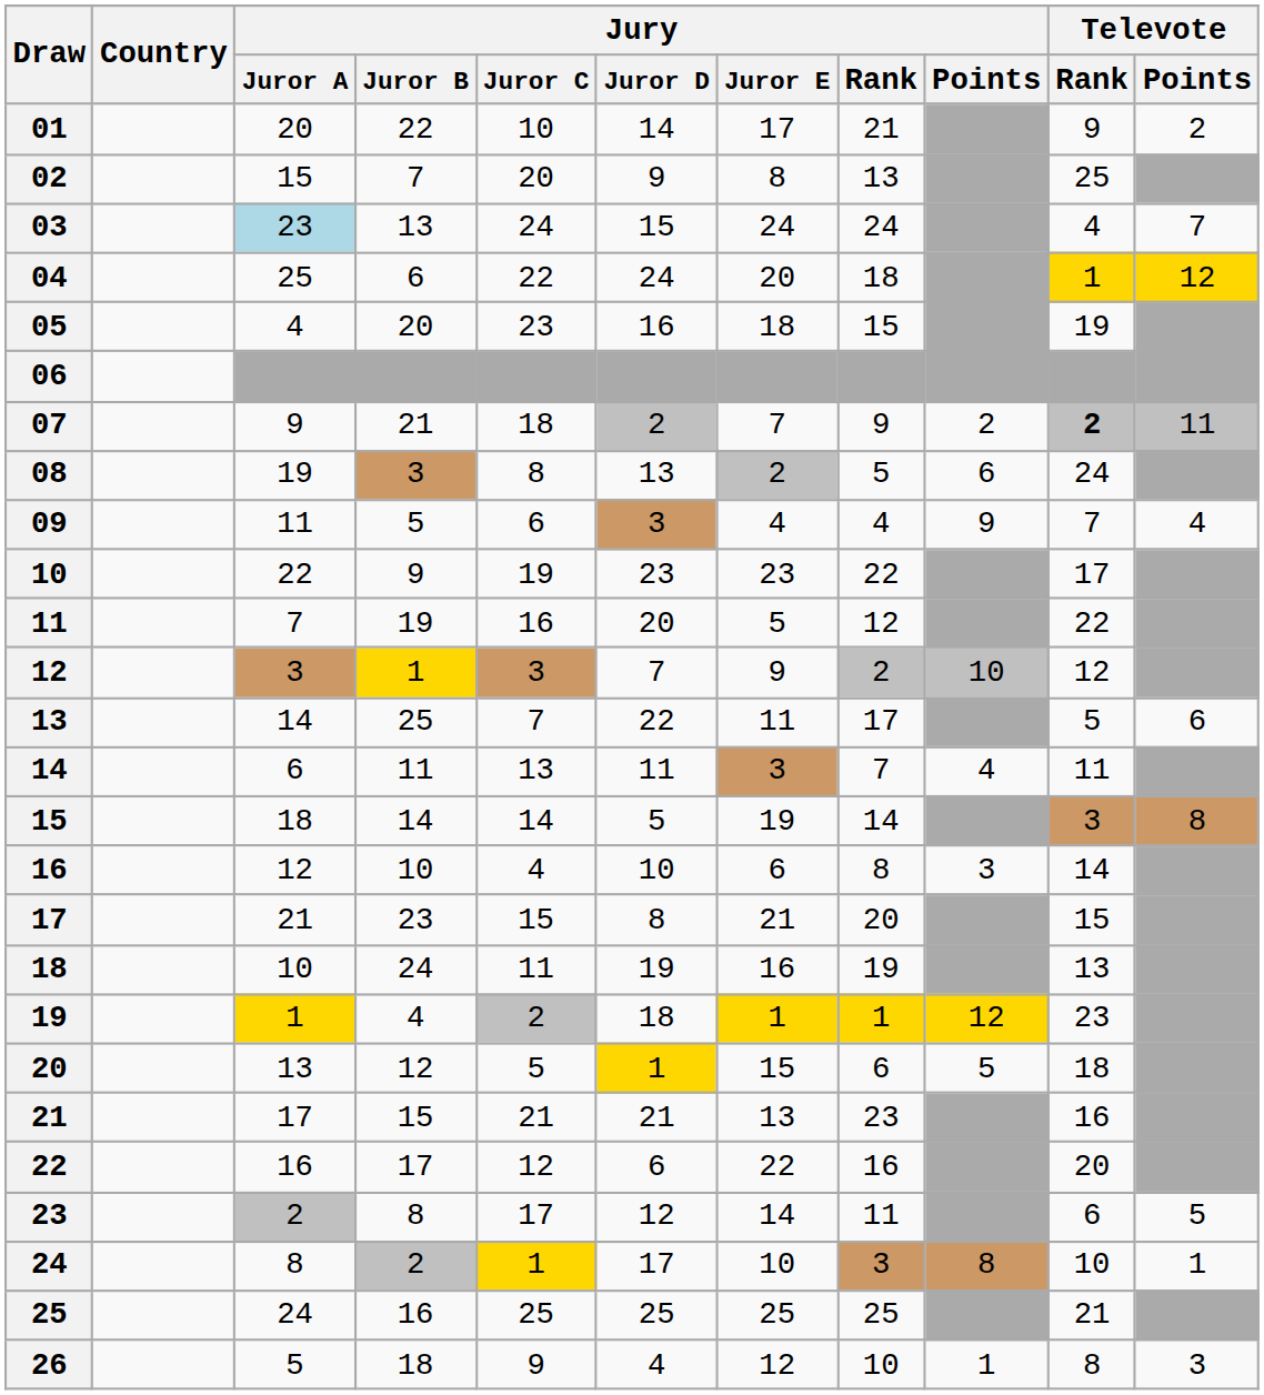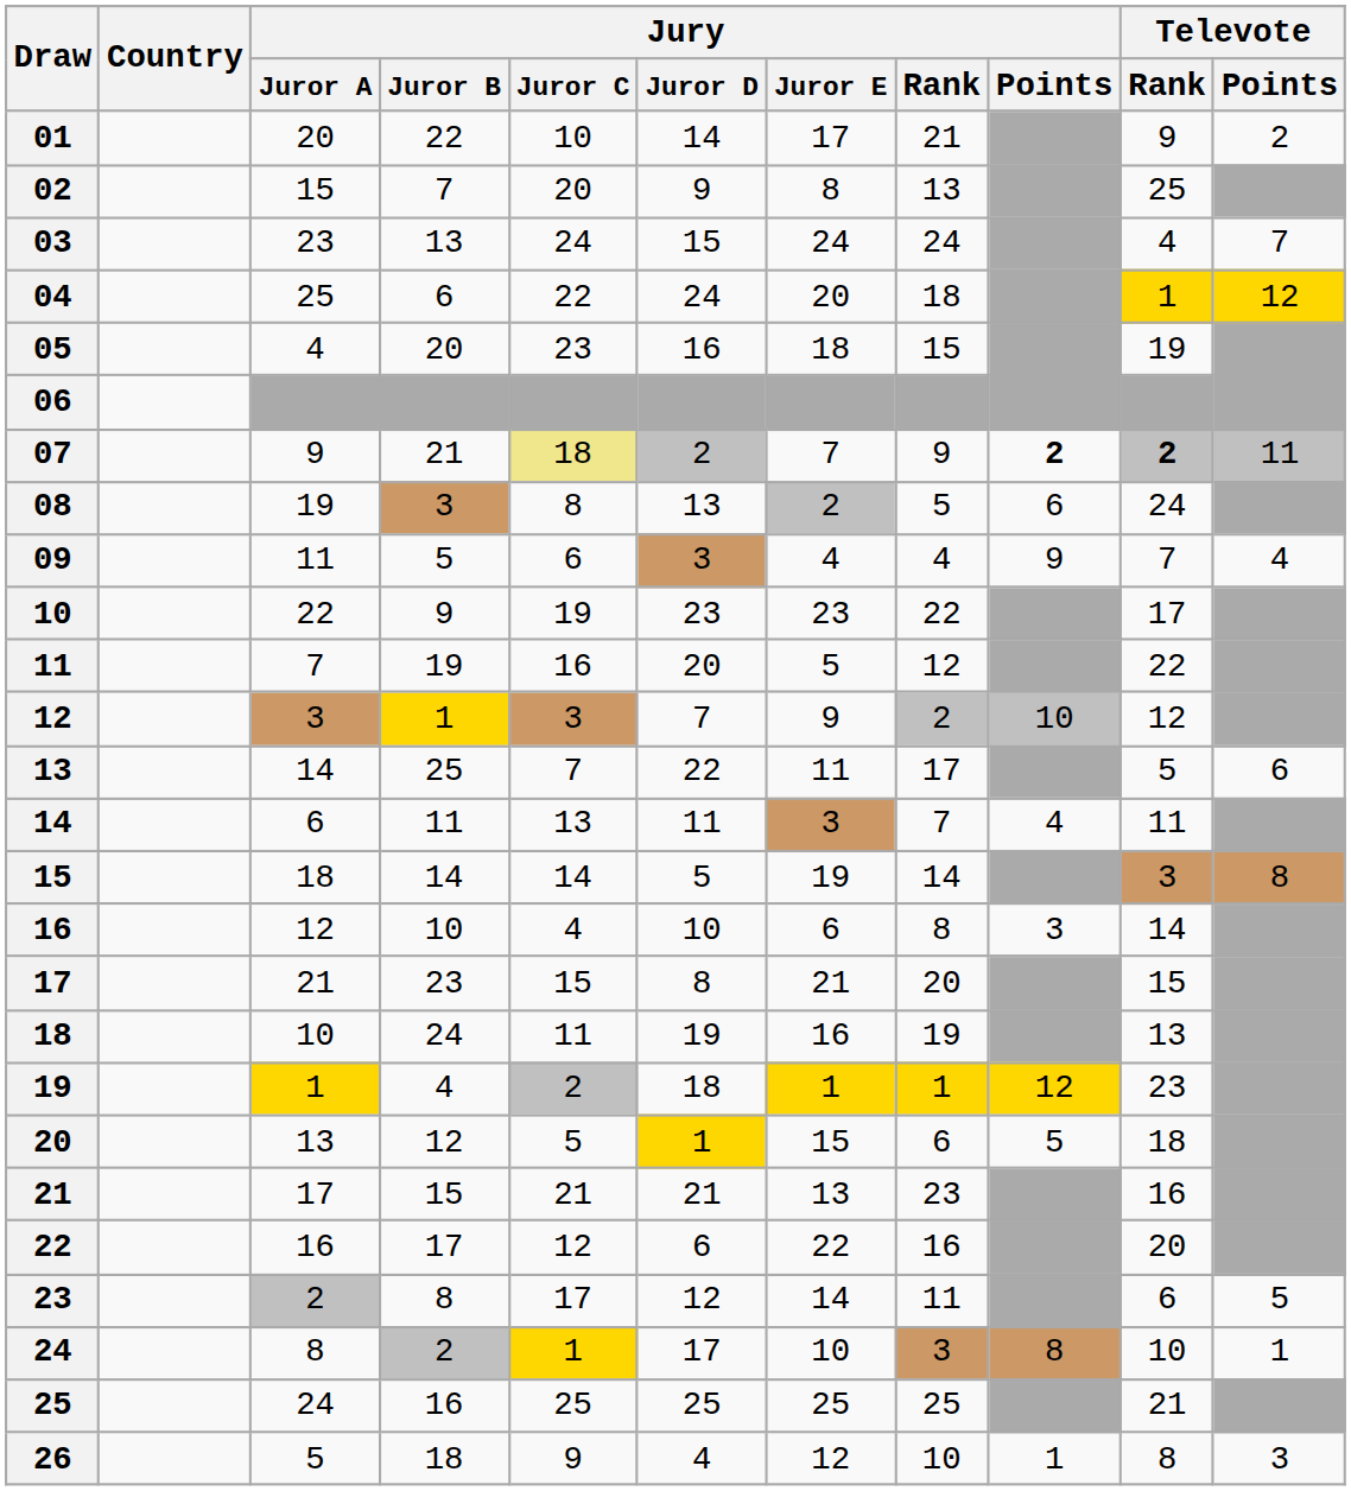 <table class="sortable wikitable collapsible plainrowheaders" style="text-align:center;">
 <tr>
 </tr>
 <tr>
 <th scope="col" rowspan="2">Draw</th>
 <th scope="col" rowspan="2">Country</th>
 <th scope="col" colspan="7">Jury</th>
 <th scope="col" colspan="2">Televote</th>
 </tr>
 <tr>
 <th scope="col"><small>Juror A</small></th>
 <th scope="col"><small>Juror B</small></th>
 <th scope="col"><small>Juror C</small></th>
 <th scope="col"><small>Juror D</small></th>
 <th scope="col"><small>Juror E</small></th>
 <th scope="col">Rank</th>
 <th scope="col" class="unsortable">Points</th>
 <th scope="col">Rank</th>
 <th scope="col" class="unsortable">Points</th>
 </tr>
 <tr>
 <th scope="row" style="text-align:center;">01</th>
 <td style="text-align:left;"></td>
 <td align="center">20</td>
 <td>22</td>
 <td align="center">10</td>
 <td>14</td>
 <td align="center">17</td>
 <td>21</td>
 <td align="center" style="background:#AAAAAA;"></td>
 <td>9</td>
 <td>2</td>
 </tr>
 <tr>
 <th scope="row" style="text-align:center;">02</th>
 <td style="text-align:left;"></td>
 <td align="center">15</td>
 <td align="center">7</td>
 <td align="center">20</td>
 <td align="center">9</td>
 <td align="center">8</td>
 <td>13</td>
 <td style="background:#AAAAAA;"></td>
 <td>25</td>
 <td align="center" style="background:#AAAAAA;"></td>
 </tr>
 <tr>
 <th scope="row" style="text-align:center;">03</th>
 <td style="text-align:left;"></td>
-<td style="background: lightblue;">23</td>
+<td>23</td>
 <td align="center">13</td>
 <td align="center">24</td>
 <td align="center">15</td>
 <td>24</td>
 <td>24</td>
 <td align="center" style="background:#AAAAAA;"></td>
 <td>4</td>
 <td>7</td>
 </tr>
 <tr>
 <th scope="row" style="text-align:center;">04</th>
 <td style="text-align:left;"></td>
 <td align="center">25</td>
 <td align="center">6</td>
 <td align="center">22</td>
 <td align="center">24</td>
 <td align="center">20</td>
 <td>18</td>
 <td style="background:#AAAAAA;"></td>
 <td align="center" style="background:gold;">1</td>
 <td style="background:gold;">12</td>
 </tr>
 <tr>
 <th scope="row" style="text-align:center">05</th>
 <td style="text-align:left;"></td>
 <td align="center">4</td>
 <td align="center">20</td>
 <td align="center">23</td>
 <td align="center">16</td>
 <td align="center">18</td>
 <td>15</td>
 <td style="background:#AAAAAA;"></td>
 <td>19</td>
 <td style="background:#AAAAAA;"></td>
 </tr>
 <tr class=sortbottom>
 <th scope="row" style="text-align:center;">06</th>
 <td style="text-align:left;"></td>
 <td align="center" style="background:#AAAAAA;"></td>
 <td align="center" style="background:#AAAAAA;"></td>
 <td align="center" style="background:#AAAAAA;"></td>
 <td align="center" style="background:#AAAAAA;"></td>
 <td align="center" style="background:#AAAAAA;"></td>
 <td align="center" style="background:#AAAAAA;"></td>
 <td style="background:#AAAAAA;"></td>
 <td align="center" style="background:#AAAAAA;"></td>
 <td align="center" style="background:#AAAAAA;"></td>
 </tr>
 <tr>
 <th scope="row" style="text-align:center;">07</th>
 <td style="text-align:left;"></td>
 <td align="center">9</td>
 <td align="center">21</td>
-<td align="center">18</td>
+<td align="center" style="background: khaki;">18</td>
 <td align="center" style="background:silver;">2</td>
 <td align="center">7</td>
 <td>9</td>
-<td>2</td>
+<td><strong>2</strong></td>
 <td align="center" style="background:silver;"><strong>2</strong></td>
 <td align="center" style="background:silver;">11</td>
 </tr>
 <tr>
 <th scope="row" style="text-align:center;">08</th>
 <td style="text-align:left;"></td>
 <td>19</td>
 <td align="center" style="background:#cc9966;">3</td>
 <td>8</td>
 <td>13</td>
 <td align="center" style="background:silver;">2</td>
 <td>5</td>
 <td>6</td>
 <td>24</td>
 <td style="background:#AAAAAA;"></td>
 </tr>
 <tr>
 <th scope="row" style="text-align:center;">09</th>
 <td style="text-align:left;"></td>
 <td>11</td>
 <td>5</td>
 <td>6</td>
 <td align="center" style="background:#cc9966;">3</td>
 <td>4</td>
 <td>4</td>
 <td>9</td>
 <td>7</td>
 <td>4</td>
 </tr>
 <tr>
 <th scope="row" style="text-align:center;">10</th>
 <td style="text-align:left;"></td>
 <td align="center">22</td>
 <td align="center">9</td>
 <td align="center">19</td>
 <td>23</td>
 <td>23</td>
 <td>22</td>
 <td align="center" style="background:#AAAAAA;"></td>
 <td>17</td>
 <td align="center" style="background:#AAAAAA;"></td>
 </tr>
 <tr>
 <th scope="row" style="text-align:center;">11</th>
 <td style="text-align:left;"></td>
 <td>7</td>
 <td align="center">19</td>
 <td align="center">16</td>
 <td align="center">20</td>
 <td align="center">5</td>
 <td>12</td>
 <td align="center" style="background:#AAAAAA;"></td>
 <td>22</td>
 <td align="center" style="background:#AAAAAA;"></td>
 </tr>
 <tr>
 <th scope="row" style="text-align:center;">12</th>
 <td style="text-align:left;"></td>
 <td align="center" style="background:#cc9966;">3</td>
 <td align="center" style="background:gold;">1</td>
 <td align="center" style="background:#cc9966;">3</td>
 <td align="center">7</td>
 <td align="center">9</td>
 <td align="center" style="background:silver;">2</td>
 <td style="background:silver;">10</td>
 <td>12</td>
 <td align="center" style="background:#AAAAAA;"></td>
 </tr>
 <tr>
 <th scope="row" style="text-align:center;">13</th>
 <td style="text-align:left;"></td>
 <td align="center">14</td>
 <td align="center">25</td>
 <td align="center">7</td>
 <td align="center">22</td>
 <td align="center">11</td>
 <td>17</td>
 <td align="center" style="background:#AAAAAA;"></td>
 <td>5</td>
 <td>6</td>
 </tr>
 <tr>
 <th scope="row" style="text-align:center;">14</th>
 <td style="text-align:left;"></td>
 <td align="center">6</td>
 <td align="center">11</td>
 <td align="center">13</td>
 <td align="center">11</td>
 <td align="center" style="background:#cc9966;">3</td>
 <td>7</td>
 <td>4</td>
 <td>11</td>
 <td style="background:#AAAAAA;"></td>
 </tr>
 <tr>
 <th scope="row" style="text-align:center;">15</th>
 <td style="text-align:left;"></td>
 <td align="center">18</td>
 <td align="center">14</td>
 <td align="center">14</td>
 <td align="center">5</td>
 <td align="center">19</td>
 <td>14</td>
 <td align="center" style="background:#AAAAAA;"></td>
 <td align="center" style="background:#cc9966;">3</td>
 <td align="center" style="background:#cc9966;">8</td>
 </tr>
 <tr>
 <th scope="row" style="text-align:center;">16</th>
 <td style="text-align:left;"></td>
 <td align="center">12</td>
 <td align="center">10</td>
 <td align="center">4</td>
 <td align="center">10</td>
 <td align="center">6</td>
 <td>8</td>
 <td>3</td>
 <td>14</td>
 <td style="background:#AAAAAA;"></td>
 </tr>
 <tr>
 <th scope="row" style="text-align:center;">17</th>
 <td style="text-align:left;"></td>
 <td align="center">21</td>
 <td>23</td>
 <td align="center">15</td>
 <td align="center">8</td>
 <td align="center">21</td>
 <td>20</td>
 <td style="background:#AAAAAA;"></td>
 <td>15</td>
 <td style="background:#AAAAAA;"></td>
 </tr>
 <tr>
 <th scope="row" style="text-align:center;">18</th>
 <td style="text-align:left;"></td>
 <td>10</td>
 <td>24</td>
 <td>11</td>
 <td>19</td>
 <td>16</td>
 <td>19</td>
 <td align="center" style="background:#AAAAAA;"></td>
 <td>13</td>
 <td style="background:#AAAAAA;"></td>
 </tr>
 <tr>
 <th scope="row" style="text-align:center;">19</th>
 <td style="text-align:left;"></td>
 <td align="center" style="background:gold;">1</td>
 <td align="center">4</td>
 <td align="center" style="background:silver;">2</td>
 <td align="center">18</td>
 <td align="center" style="background:gold;">1</td>
 <td align="center" style="background:gold;">1</td>
 <td style="background:gold;">12</td>
 <td>23</td>
 <td align="center" style="background:#AAAAAA;"></td>
 </tr>
 <tr>
 <th scope="row" style="text-align:center;">20</th>
 <td style="text-align:left;"></td>
 <td align="center">13</td>
 <td align="center">12</td>
 <td align="center">5</td>
 <td align="center" style="background:gold;">1</td>
 <td align="center">15</td>
 <td>6</td>
 <td>5</td>
 <td>18</td>
 <td style="background:#AAAAAA;"></td>
 </tr>
 <tr>
 <th scope="row" style="text-align:center;">21</th>
 <td style="text-align:left;"></td>
 <td align="center">17</td>
 <td align="center">15</td>
 <td>21</td>
 <td>21</td>
 <td>13</td>
 <td>23</td>
 <td align="center" style="background:#AAAAAA;"></td>
 <td>16</td>
 <td align="center" style="background:#AAAAAA;"></td>
 </tr>
 <tr>
 <th scope="row" style="text-align:center;">22</th>
 <td style="text-align:left;"></td>
 <td align="center">16</td>
 <td align="center">17</td>
 <td align="center">12</td>
 <td align="center">6</td>
 <td align="center">22</td>
 <td>16</td>
 <td style="background:#AAAAAA;"></td>
 <td>20</td>
 <td style="background:#AAAAAA;"></td>
 </tr>
 <tr>
 <th scope="row" style="text-align:center;">23</th>
 <td style="text-align:left;"></td>
 <td align="center" style="background:silver;">2</td>
 <td align="center">8</td>
 <td align="center">17</td>
 <td align="center">12</td>
 <td align="center">14</td>
 <td>11</td>
 <td style="background:#AAAAAA;"></td>
 <td>6</td>
 <td>5</td>
 </tr>
 <tr>
 <th scope="row" style="text-align:center;">24</th>
 <td style="text-align:left;"></td>
 <td align="center">8</td>
 <td align="center" style="background:silver;">2</td>
 <td align="center" style="background:gold;">1</td>
 <td align="center">17</td>
 <td align="center">10</td>
 <td align="center" style="background:#cc9966;">3</td>
 <td style="background:#cc9966;">8</td>
 <td>10</td>
 <td>1</td>
 </tr>
 <tr>
 <th scope="row" style="text-align:center;">25</th>
 <td style="text-align:left;"></td>
 <td align="center">24</td>
 <td align="center">16</td>
 <td>25</td>
 <td align="center">25</td>
 <td align="center">25</td>
 <td>25</td>
 <td align="center" style="background:#AAAAAA;"></td>
 <td>21</td>
 <td align="center" style="background:#AAAAAA;"></td>
 </tr>
 <tr>
 <th scope="row" style="text-align:center;">26</th>
 <td style="text-align:left;"></td>
 <td>5</td>
 <td>18</td>
 <td>9</td>
 <td>4</td>
 <td>12</td>
 <td>10</td>
 <td>1</td>
 <td>8</td>
 <td>3</td>
 </tr>
 </table>
